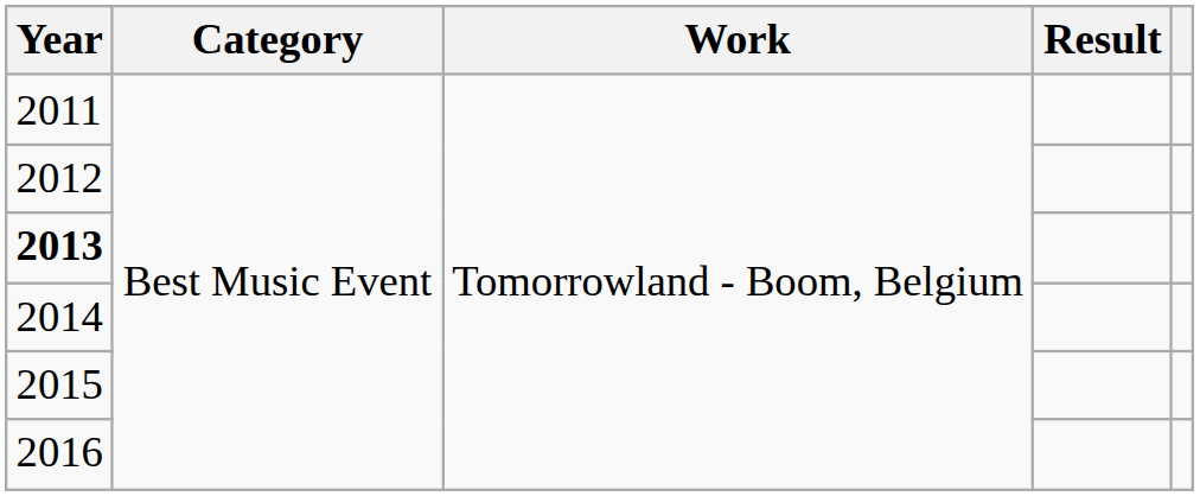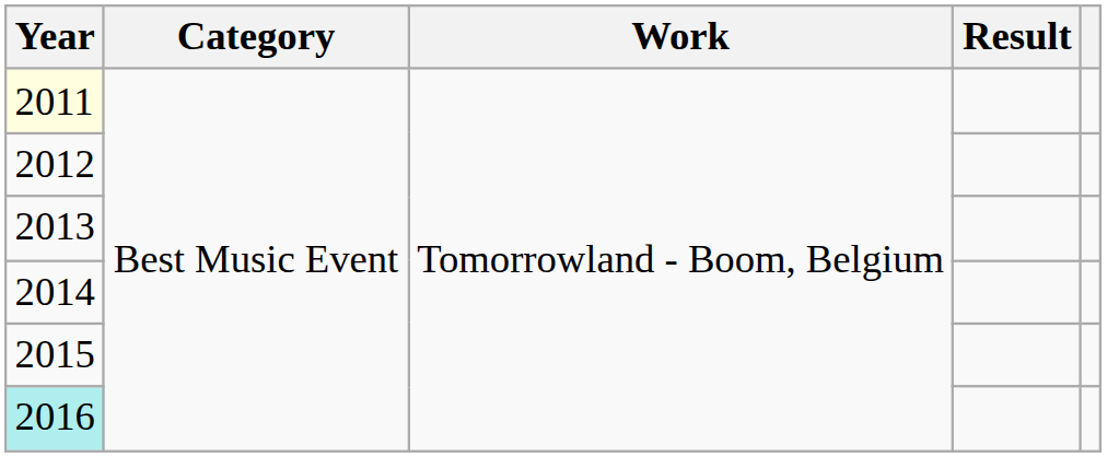 <table class="wikitable">
 <tr>
 <th>Year</th>
 <th>Category</th>
 <th>Work</th>
 <th>Result</th>
 <th></th>
 </tr>
 <tr>
-<td>2011</td>
+<td style="background: lightyellow;">2011</td>
 <td rowspan="6">Best Music Event</td>
 <td rowspan="6">Tomorrowland - Boom, Belgium</td>
 <td></td>
 <td></td>
 </tr>
 <tr>
 <td>2012</td>
 <td></td>
 <td></td>
 </tr>
 <tr>
-<td><strong>2013</strong></td>
+<td>2013</td>
 <td></td>
 <td></td>
 </tr>
 <tr>
 <td>2014</td>
 <td></td>
 <td></td>
 </tr>
 <tr>
 <td>2015</td>
 <td></td>
 <td></td>
 </tr>
 <tr>
-<td>2016</td>
+<td style="background: paleturquoise;">2016</td>
 <td></td>
 <td></td>
 </tr>
 </table>
